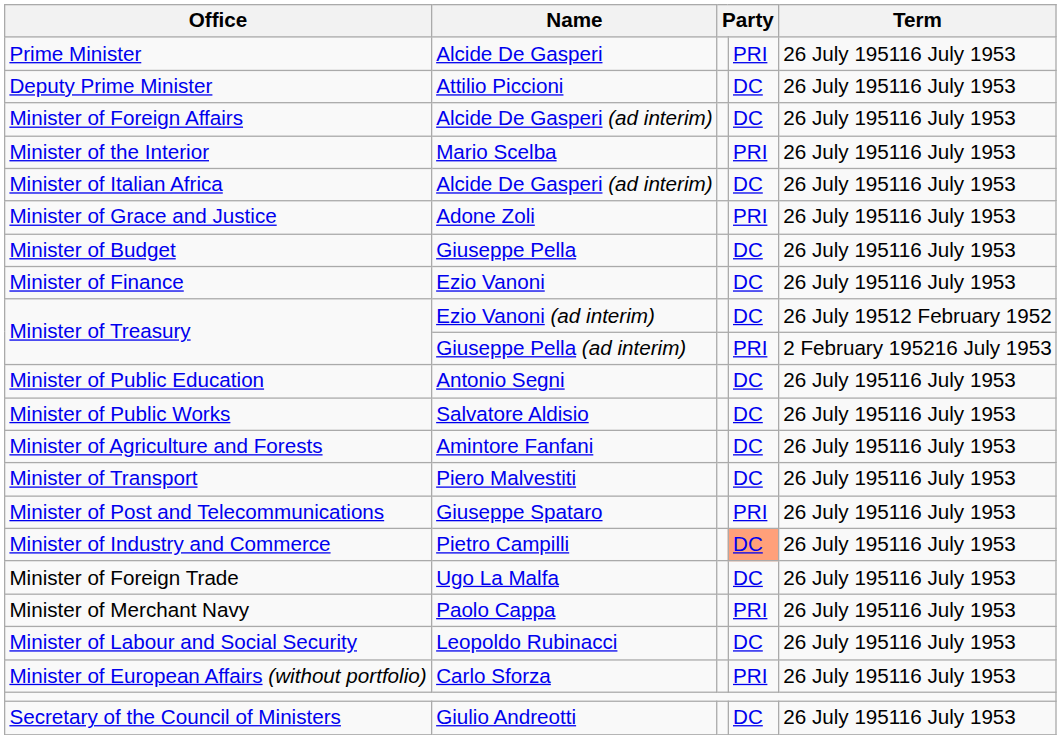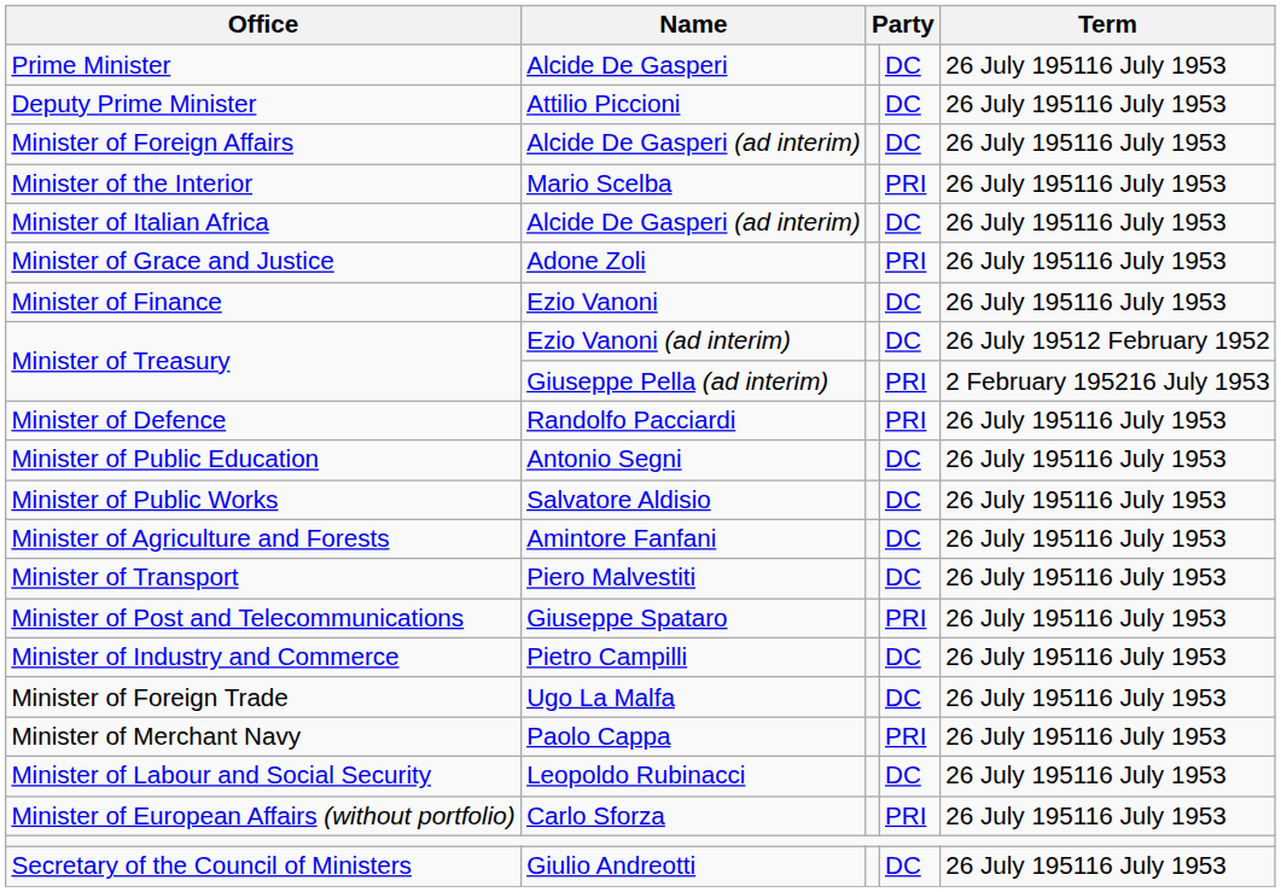 <table class="wikitable">
 <tr>
 <th>Office</th>
 <th>Name</th>
 <th colspan=2>Party</th>
 <th>Term</th>
 </tr>
 <tr>
 <td><a href='#'>Prime Minister</a></td>
 <td><a href='#'>Alcide De Gasperi</a></td>
 <td></td>
-<td><a href='#'>PRI</a></td>
+<td><a href='#'>DC</a></td>
 <td>26 July 195116 July 1953</td>
 </tr>
 <tr>
 <td><a href='#'>Deputy Prime Minister</a></td>
 <td><a href='#'>Attilio Piccioni</a></td>
 <td></td>
 <td><a href='#'>DC</a></td>
 <td>26 July 195116 July 1953</td>
 </tr>
 <tr>
 <td><a href='#'>Minister of Foreign Affairs</a></td>
 <td><a href='#'>Alcide De Gasperi</a> <em>(ad interim)</em></td>
 <td></td>
 <td><a href='#'>DC</a></td>
 <td>26 July 195116 July 1953</td>
 </tr>
 <tr>
 <td><a href='#'>Minister of the Interior</a></td>
 <td><a href='#'>Mario Scelba</a></td>
 <td></td>
 <td><a href='#'>PRI</a></td>
 <td>26 July 195116 July 1953</td>
 </tr>
 <tr>
 <td><a href='#'>Minister of Italian Africa</a></td>
 <td><a href='#'>Alcide De Gasperi</a> <em>(ad interim)</em></td>
 <td></td>
 <td><a href='#'>DC</a></td>
 <td>26 July 195116 July 1953</td>
 </tr>
 <tr>
 <td><a href='#'>Minister of Grace and Justice</a></td>
 <td><a href='#'>Adone Zoli</a></td>
 <td></td>
 <td><a href='#'>PRI</a></td>
 <td>26 July 195116 July 1953</td>
 </tr>
 <tr>
-<td><a href='#'>Minister of Budget</a></td>
-<td><a href='#'>Giuseppe Pella</a></td>
-<td></td>
-<td><a href='#'>DC</a></td>
-<td>26 July 195116 July 1953</td>
-</tr>
-<tr>
 <td><a href='#'>Minister of Finance</a></td>
 <td><a href='#'>Ezio Vanoni</a></td>
 <td></td>
 <td><a href='#'>DC</a></td>
 <td>26 July 195116 July 1953</td>
 </tr>
 <tr>
 <td rowspan=2><a href='#'>Minister of Treasury</a></td>
 <td><a href='#'>Ezio Vanoni</a> <em>(ad interim)</em></td>
 <td></td>
 <td><a href='#'>DC</a></td>
 <td>26 July 19512 February 1952</td>
 </tr>
 <tr>
 <td><a href='#'>Giuseppe Pella</a> <em>(ad interim)</em></td>
 <td></td>
 <td><a href='#'>PRI</a></td>
 <td>2 February 195216 July 1953</td>
+</tr>
+<tr>
+<td><a href='#'>Minister of Defence</a></td>
+<td><a href='#'>Randolfo Pacciardi</a></td>
+<td></td>
+<td><a href='#'>PRI</a></td>
+<td>26 July 195116 July 1953</td>
 </tr>
 <tr>
 <td><a href='#'>Minister of Public Education</a></td>
 <td><a href='#'>Antonio Segni</a></td>
 <td></td>
 <td><a href='#'>DC</a></td>
 <td>26 July 195116 July 1953</td>
 </tr>
 <tr>
 <td><a href='#'>Minister of Public Works</a></td>
 <td><a href='#'>Salvatore Aldisio</a></td>
 <td></td>
 <td><a href='#'>DC</a></td>
 <td>26 July 195116 July 1953</td>
 </tr>
 <tr>
 <td><a href='#'>Minister of Agriculture and Forests</a></td>
 <td><a href='#'>Amintore Fanfani</a></td>
 <td></td>
 <td><a href='#'>DC</a></td>
 <td>26 July 195116 July 1953</td>
 </tr>
 <tr>
 <td><a href='#'>Minister of Transport</a></td>
 <td><a href='#'>Piero Malvestiti</a></td>
 <td></td>
 <td><a href='#'>DC</a></td>
 <td>26 July 195116 July 1953</td>
 </tr>
 <tr>
 <td><a href='#'>Minister of Post and Telecommunications</a></td>
 <td><a href='#'>Giuseppe Spataro</a></td>
 <td></td>
 <td><a href='#'>PRI</a></td>
 <td>26 July 195116 July 1953</td>
 </tr>
 <tr>
 <td><a href='#'>Minister of Industry and Commerce</a></td>
 <td><a href='#'>Pietro Campilli</a></td>
 <td></td>
-<td style="background: lightsalmon;"><a href='#'>DC</a></td>
+<td><a href='#'>DC</a></td>
 <td>26 July 195116 July 1953</td>
 </tr>
 <tr>
 <td>Minister of Foreign Trade</td>
 <td><a href='#'>Ugo La Malfa</a></td>
 <td></td>
 <td><a href='#'>DC</a></td>
 <td>26 July 195116 July 1953</td>
 </tr>
 <tr>
 <td>Minister of Merchant Navy</td>
 <td><a href='#'>Paolo Cappa</a></td>
 <td></td>
 <td><a href='#'>PRI</a></td>
 <td>26 July 195116 July 1953</td>
 </tr>
 <tr>
 <td><a href='#'>Minister of Labour and Social Security</a></td>
 <td><a href='#'>Leopoldo Rubinacci</a></td>
 <td></td>
 <td><a href='#'>DC</a></td>
 <td>26 July 195116 July 1953</td>
 </tr>
 <tr>
 <td><a href='#'>Minister of European Affairs</a> <em>(without portfolio)</em></td>
 <td><a href='#'>Carlo Sforza</a></td>
 <td></td>
 <td><a href='#'>PRI</a></td>
 <td>26 July 195116 July 1953</td>
 </tr>
 <tr>
 <td colspan="5"></td>
 </tr>
 <tr>
 <td><a href='#'>Secretary of the Council of Ministers</a></td>
 <td><a href='#'>Giulio Andreotti</a></td>
 <td></td>
 <td><a href='#'>DC</a></td>
 <td>26 July 195116 July 1953</td>
 </tr>
 </table>
